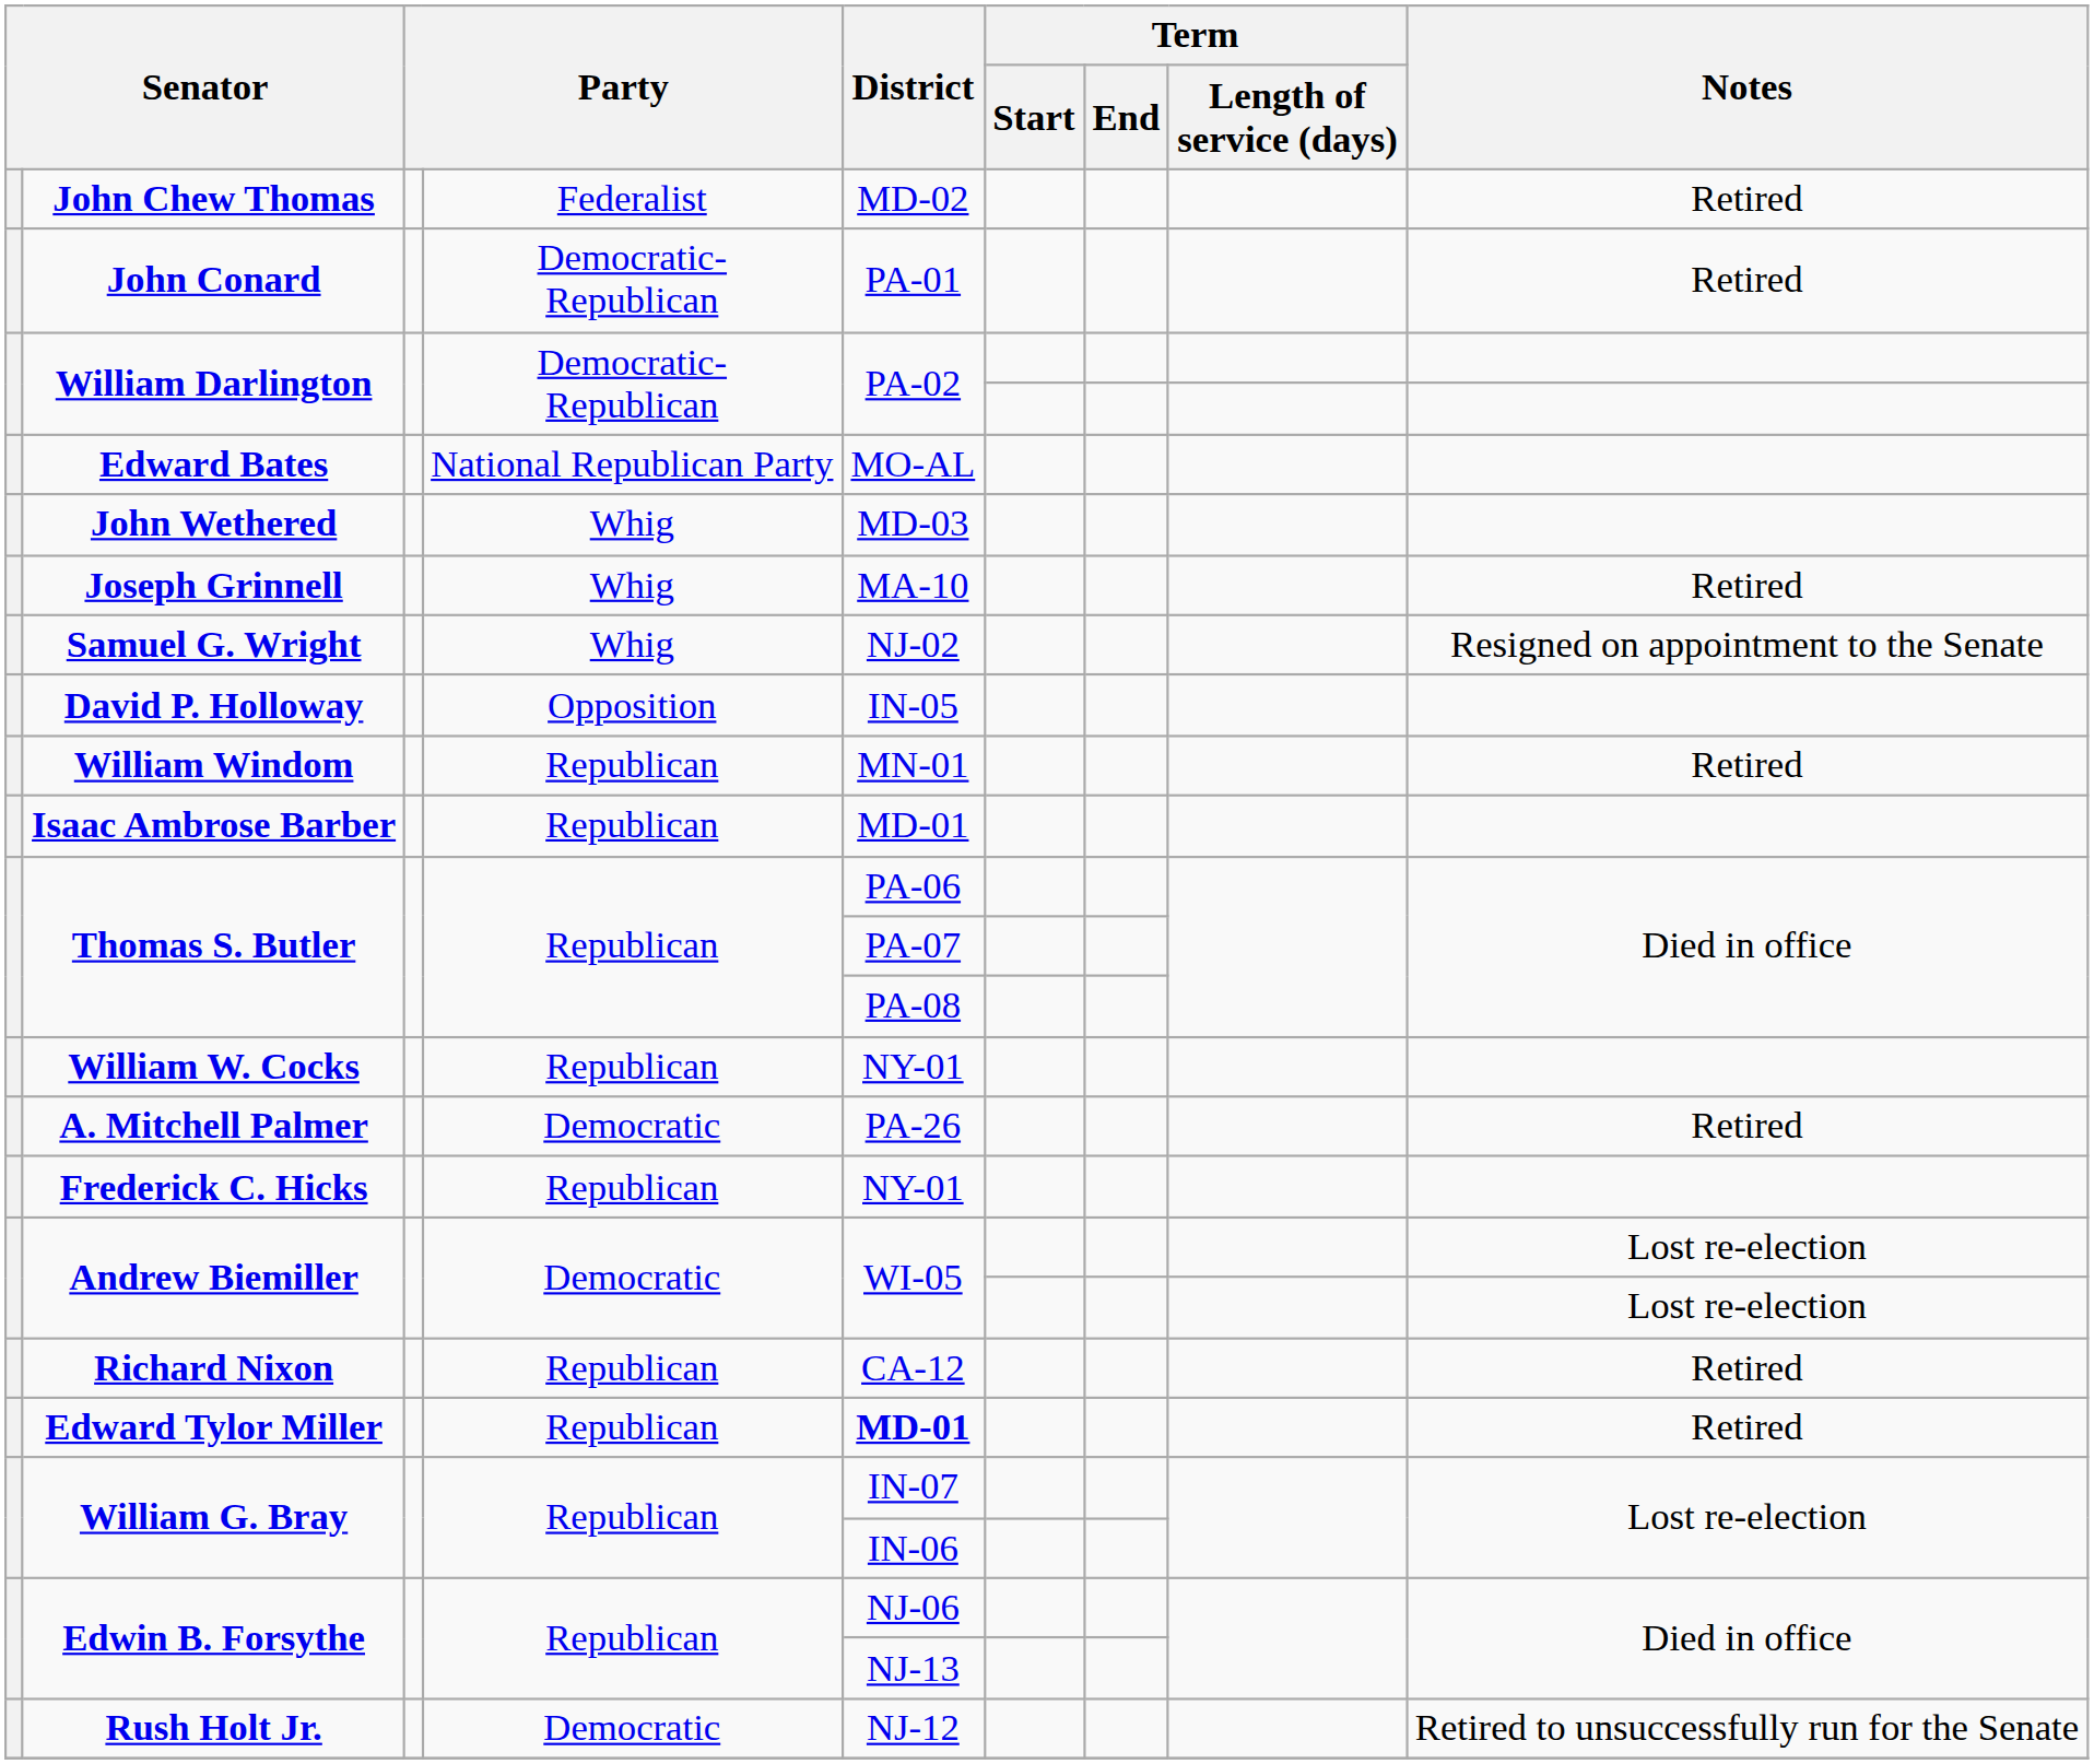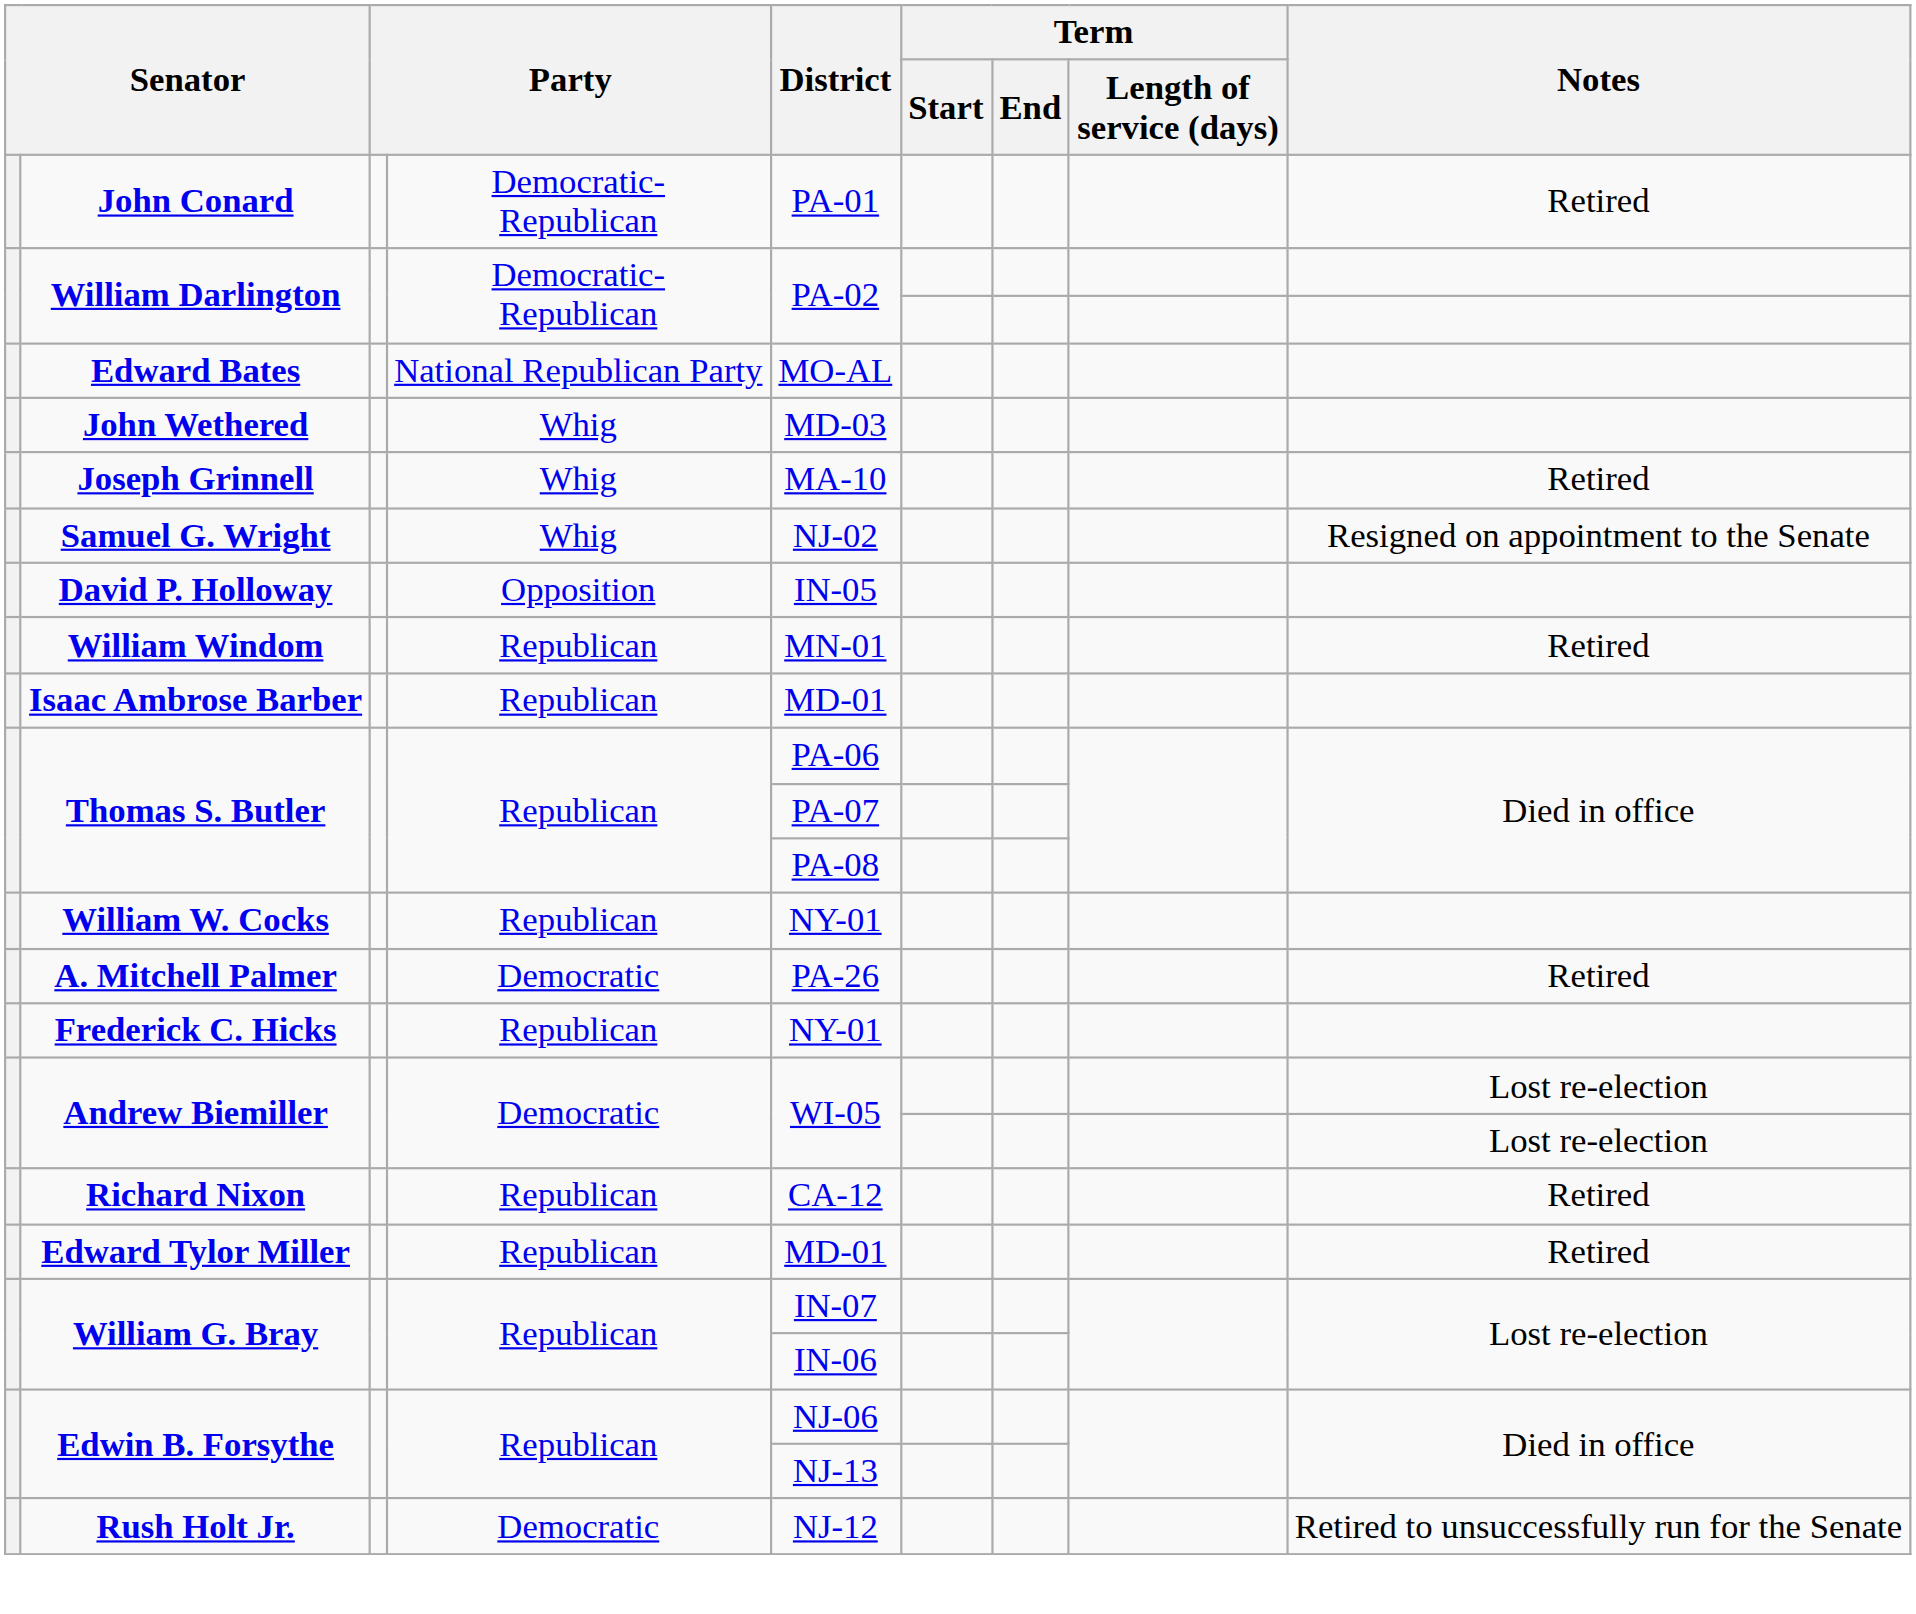 <table class="wikitable sortable" style="text-align:center">
 <tr>
 <th scope="col" rowspan=2 colspan=2>Senator</th>
 <th scope="col" rowspan=2 colspan=2>Party</th>
 <th scope="col" rowspan=2>District</th>
 <th scope="col" colspan=3>Term</th>
 <th scope="col" rowspan=2>Notes</th>
 </tr>
 <tr>
 <th scope="col">Start</th>
 <th scope="col">End</th>
 <th scope="col">Length of<br>service (days)</th>
-</tr>
-<tr>
-<th scope="row" data-sort-value="Thomas, John Chew"></th>
-<td><strong><a href='#'>John Chew Thomas</a></strong></td>
-<td style="background-color:"></td>
-<td><a href='#'>Federalist</a></td>
-<td><a href='#'>MD-02</a></td>
-<td></td>
-<td></td>
-<td></td>
-<td>Retired</td>
 </tr>
 <tr>
 <th scope="row" data-sort-value="Conard, John"></th>
 <td><strong><a href='#'>John Conard</a></strong></td>
 <td style="background-color:"></td>
 <td><a href='#'>Democratic-<br>Republican</a></td>
 <td><a href='#'>PA-01</a></td>
 <td></td>
 <td></td>
 <td></td>
 <td>Retired</td>
 </tr>
 <tr>
 <th scope="row" rowspan=2 data-sort-value="Darlington, William"></th>
 <td rowspan=2><strong><a href='#'>William Darlington</a></strong></td>
 <td rowspan=2 style="background-color:"></td>
 <td rowspan=2><a href='#'>Democratic-<br>Republican</a></td>
 <td rowspan=2><a href='#'>PA-02</a></td>
 <td></td>
 <td></td>
 <td></td>
 <td></td>
 </tr>
 <tr>
 <td></td>
 <td></td>
 <td></td>
 <td></td>
 </tr>
 <tr>
 <th scope="row" data-sort-value="Bates, Edward"></th>
 <td><strong><a href='#'>Edward Bates</a></strong></td>
 <td style="background-color:"></td>
 <td><a href='#'>National Republican Party</a></td>
 <td><a href='#'>MO-AL</a></td>
 <td></td>
 <td></td>
 <td></td>
 <td></td>
 </tr>
 <tr>
 <th scope="row" data-sort-value="Wethered, John"></th>
 <td><strong><a href='#'>John Wethered</a></strong></td>
 <td style="background-color:"></td>
 <td><a href='#'>Whig</a></td>
 <td><a href='#'>MD-03</a></td>
 <td></td>
 <td></td>
 <td></td>
 <td></td>
 </tr>
 <tr>
 <th scope="row" data-sort-value="Grinnell, Joseph"></th>
 <td><strong><a href='#'>Joseph Grinnell</a></strong></td>
 <td style="background-color:"></td>
 <td><a href='#'>Whig</a></td>
 <td><a href='#'>MA-10</a></td>
 <td></td>
 <td></td>
 <td></td>
 <td>Retired</td>
 </tr>
 <tr>
 <th scope="row" data-sort-value="Wright, Samuel G."></th>
 <td><strong><a href='#'>Samuel G. Wright</a></strong></td>
 <td style="background-color:"></td>
 <td><a href='#'>Whig</a></td>
 <td><a href='#'>NJ-02</a></td>
 <td></td>
 <td></td>
 <td></td>
 <td>Resigned on appointment to the Senate</td>
 </tr>
 <tr>
 <th scope="row" data-sort-value="Holloway, David P."></th>
 <td><strong><a href='#'>David P. Holloway</a></strong></td>
 <td style="background-color:"></td>
 <td><a href='#'>Opposition</a></td>
 <td><a href='#'>IN-05</a></td>
 <td></td>
 <td></td>
 <td></td>
 <td></td>
 </tr>
 <tr>
 <th scope="row" data-sort-value="Windom, William"></th>
 <td><strong><a href='#'>William Windom</a></strong></td>
 <td style="background-color:"></td>
 <td><a href='#'>Republican</a></td>
 <td><a href='#'>MN-01</a></td>
 <td></td>
 <td></td>
 <td></td>
 <td>Retired</td>
 </tr>
 <tr>
 <th scope="row" data-sort-value="Barber, Isaac Ambrose"></th>
 <td><strong><a href='#'>Isaac Ambrose Barber</a></strong></td>
 <td style="background-color:"></td>
 <td><a href='#'>Republican</a></td>
 <td><a href='#'>MD-01</a></td>
 <td></td>
 <td></td>
 <td></td>
 <td></td>
 </tr>
 <tr>
 <th scope="row" data-sort-value="Butler, Thomas S." rowspan=3></th>
 <td rowspan=3><strong><a href='#'>Thomas S. Butler</a></strong></td>
 <td rowspan=3 style="background-color:"></td>
 <td rowspan=3><a href='#'>Republican</a></td>
 <td><a href='#'>PA-06</a></td>
 <td></td>
 <td></td>
 <td rowspan=3></td>
 <td rowspan=3>Died in office</td>
 </tr>
 <tr>
 <td><a href='#'>PA-07</a></td>
 <td></td>
 <td></td>
 </tr>
 <tr>
 <td><a href='#'>PA-08</a></td>
 <td></td>
 <td></td>
 </tr>
 <tr>
 <th scope="row" data-sort-value="Cocks, William W."></th>
 <td><strong><a href='#'>William W. Cocks</a></strong></td>
 <td style="background-color:"></td>
 <td><a href='#'>Republican</a></td>
 <td><a href='#'>NY-01</a></td>
 <td></td>
 <td></td>
 <td></td>
 <td></td>
 </tr>
 <tr>
 <th scope="row" data-sort-value="Palmer, A. Mitchell"></th>
 <td><strong><a href='#'>A. Mitchell Palmer</a></strong></td>
 <td style="background-color:"></td>
 <td><a href='#'>Democratic</a></td>
 <td><a href='#'>PA-26</a></td>
 <td></td>
 <td></td>
 <td></td>
 <td>Retired</td>
 </tr>
 <tr>
 <th scope="row" data-sort-value="Hicks, Frederick C."></th>
 <td><strong><a href='#'>Frederick C. Hicks</a></strong></td>
 <td style="background-color:"></td>
 <td><a href='#'>Republican</a></td>
 <td><a href='#'>NY-01</a></td>
 <td></td>
 <td></td>
 <td></td>
 <td></td>
 </tr>
 <tr>
 <th scope="row" rowspan=2 data-sort-value="Biemiller, Andrew"></th>
 <td rowspan=2><strong><a href='#'>Andrew Biemiller</a></strong></td>
 <td rowspan=2 style="background-color:"></td>
 <td rowspan=2><a href='#'>Democratic</a></td>
 <td rowspan=2><a href='#'>WI-05</a></td>
 <td></td>
 <td></td>
 <td></td>
 <td>Lost re-election</td>
 </tr>
 <tr>
 <td></td>
 <td></td>
 <td></td>
 <td>Lost re-election</td>
 </tr>
 <tr>
 <th scope="row" data-sort-value="Nixon, Richard"></th>
 <td><strong><a href='#'>Richard Nixon</a></strong></td>
 <td style="background-color:"></td>
 <td><a href='#'>Republican</a></td>
 <td><a href='#'>CA-12</a></td>
 <td></td>
 <td></td>
 <td></td>
 <td>Retired</td>
 </tr>
 <tr>
 <th scope="row" data-sort-value="Miller, Edward Tyler"></th>
 <td><strong><a href='#'>Edward Tylor Miller</a></strong></td>
 <td style="background-color:"></td>
 <td><a href='#'>Republican</a></td>
-<td><strong><a href='#'>MD-01</a></strong></td>
+<td><a href='#'>MD-01</a></td>
 <td></td>
 <td></td>
 <td></td>
 <td>Retired</td>
 </tr>
 <tr>
 <th scope="row" rowspan=2 data-sort-value="Bray, William G."></th>
 <td rowspan=2><strong><a href='#'>William G. Bray</a></strong></td>
 <td rowspan=2 style="background-color:"></td>
 <td rowspan=2><a href='#'>Republican</a></td>
 <td><a href='#'>IN-07</a></td>
 <td></td>
 <td></td>
 <td rowspan=2></td>
 <td rowspan=2>Lost re-election</td>
 </tr>
 <tr>
 <td><a href='#'>IN-06</a></td>
 <td></td>
 <td></td>
 </tr>
 <tr>
 <th scope="row" rowspan=2 data-sort-value="Forsythe, Edwin B."></th>
 <td rowspan=2><strong><a href='#'>Edwin B. Forsythe</a></strong></td>
 <td rowspan=2 style="background-color:"></td>
 <td rowspan=2><a href='#'>Republican</a></td>
 <td><a href='#'>NJ-06</a></td>
 <td></td>
 <td></td>
 <td rowspan=2></td>
 <td rowspan=2>Died in office</td>
 </tr>
 <tr>
 <td><a href='#'>NJ-13</a></td>
 <td></td>
 <td></td>
 </tr>
 <tr>
 <th scope="row" data-sort-value="Holt, Rush, Jr."></th>
 <td><strong><a href='#'>Rush Holt Jr.</a></strong></td>
 <td style="background-color:"></td>
 <td><a href='#'>Democratic</a></td>
 <td><a href='#'>NJ-12</a></td>
 <td></td>
 <td></td>
 <td></td>
 <td>Retired to unsuccessfully run for the Senate</td>
 </tr>
 <tr>
 </tr>
 </table>
